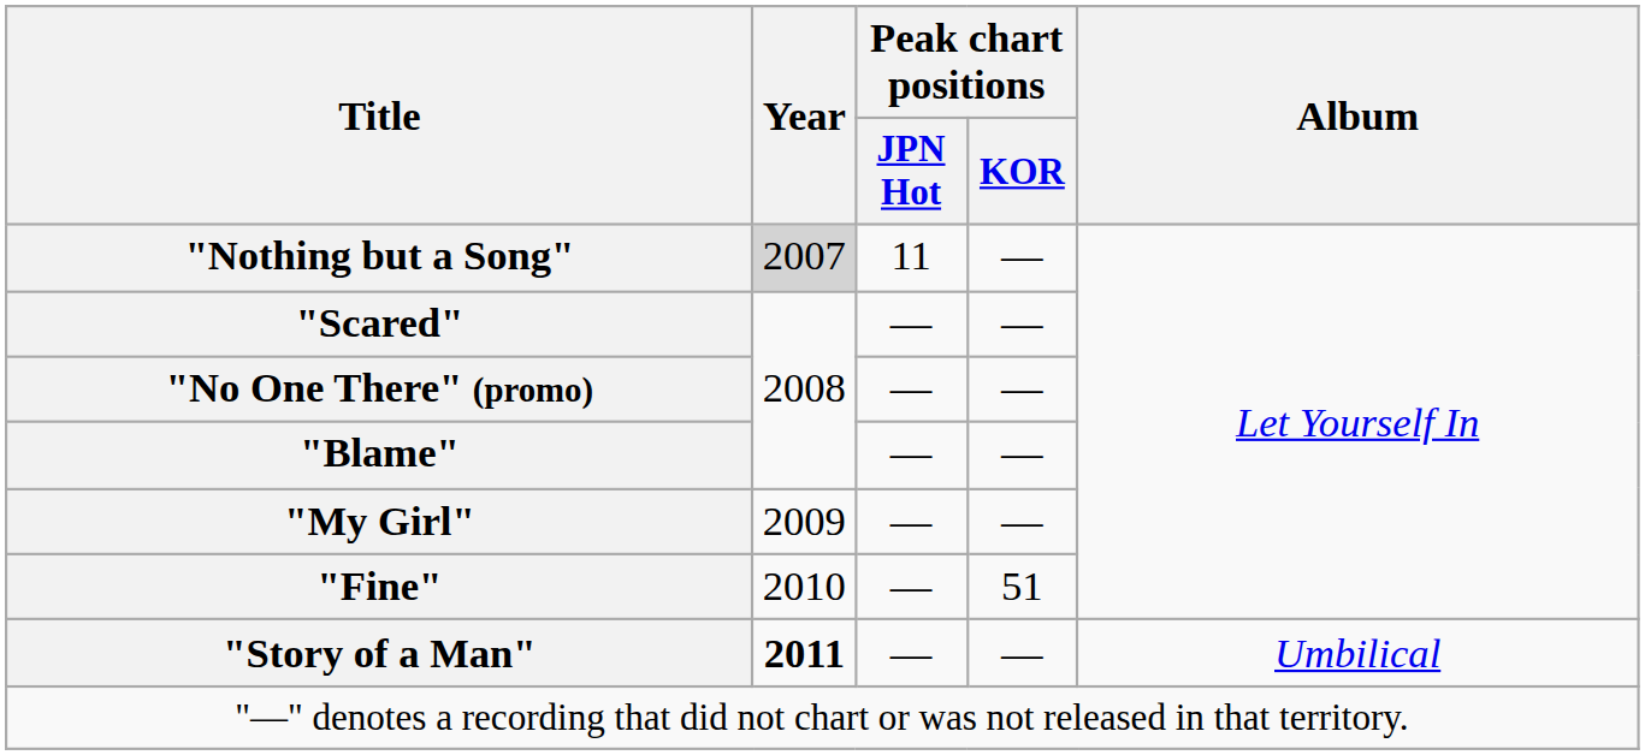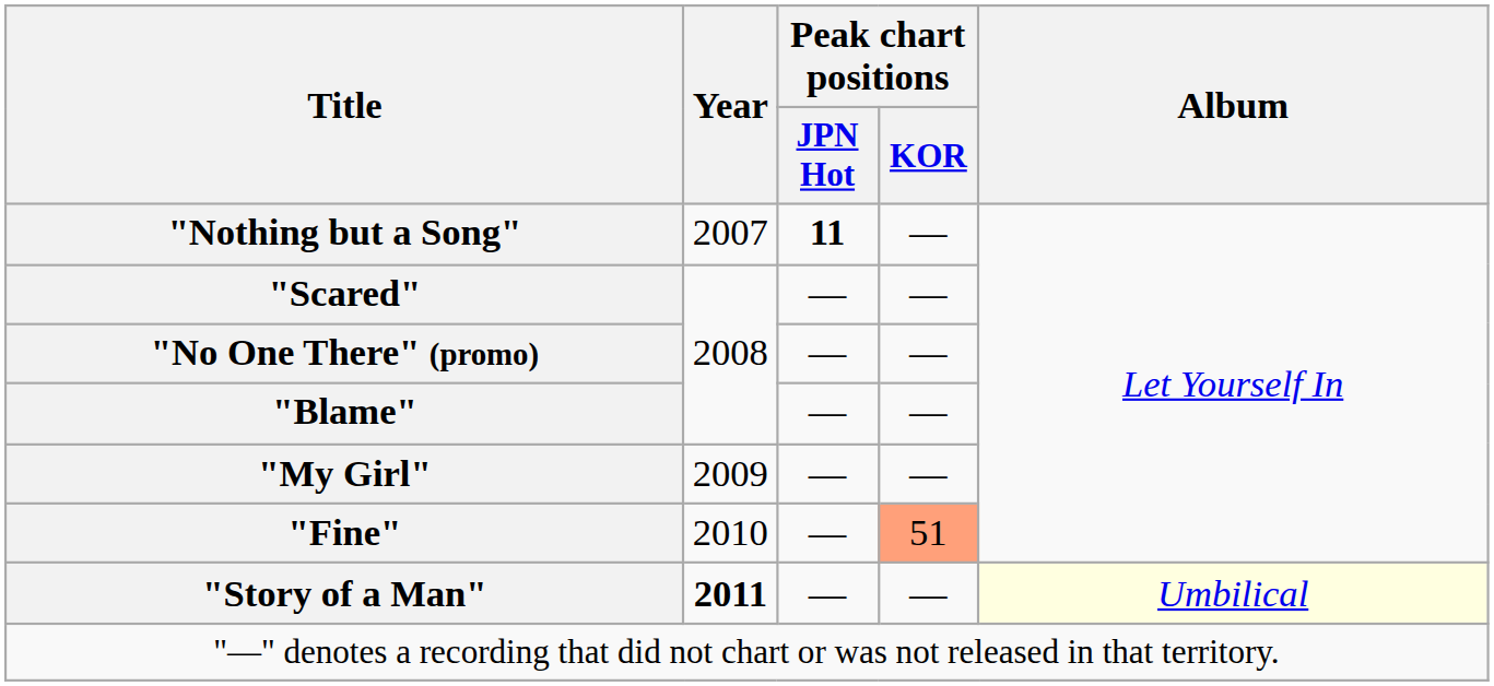 <table class="wikitable plainrowheaders" style="text-align:center;" border="1">
 <tr>
 <th scope="col" rowspan="2" style="width:17.5em;">Title</th>
 <th scope="col" rowspan="2" style="width:1em;">Year</th>
 <th scope="col" colspan="2">Peak chart positions</th>
 <th scope="col" rowspan="2" style="width:13em;">Album</th>
 </tr>
 <tr>
 <th scope="col" style="width:2.5em;font-size:90%;"><a href='#'>JPN<br>Hot</a><br></th>
 <th scope="col" style="width:2.5em;font-size:90%;"><a href='#'>KOR</a><br></th>
 </tr>
 <tr>
 <th scope="row">"Nothing but a Song"</th>
-<td style="background: lightgrey;">2007</td>
-<td>11</td>
+<td>2007</td>
+<td><strong>11</strong></td>
 <td>—</td>
 <td rowspan="6"><em><a href='#'>Let Yourself In</a></em></td>
 </tr>
 <tr>
 <th scope="row">"Scared"</th>
 <td rowspan="3">2008</td>
 <td>—</td>
 <td>—</td>
 </tr>
 <tr>
 <th scope="row">"No One There" <small>(promo)</small></th>
 <td>—</td>
 <td>—</td>
 </tr>
 <tr>
 <th scope="row">"Blame"</th>
 <td>—</td>
 <td>—</td>
 </tr>
 <tr>
 <th scope="row">"My Girl"</th>
 <td>2009</td>
 <td>—</td>
 <td>—</td>
 </tr>
 <tr>
 <th scope="row">"Fine"</th>
 <td>2010</td>
 <td>—</td>
-<td>51</td>
+<td style="background: lightsalmon;">51</td>
 </tr>
 <tr>
 <th scope="row">"Story of a Man"</th>
 <td><strong>2011</strong></td>
 <td>—</td>
 <td>—</td>
-<td><em><a href='#'>Umbilical</a></em></td>
+<td style="background: lightyellow;"><em><a href='#'>Umbilical</a></em></td>
 </tr>
 <tr>
 <td colspan="6" style="font-size:90%">"—" denotes a recording that did not chart or was not released in that territory.</td>
 </tr>
 </table>
